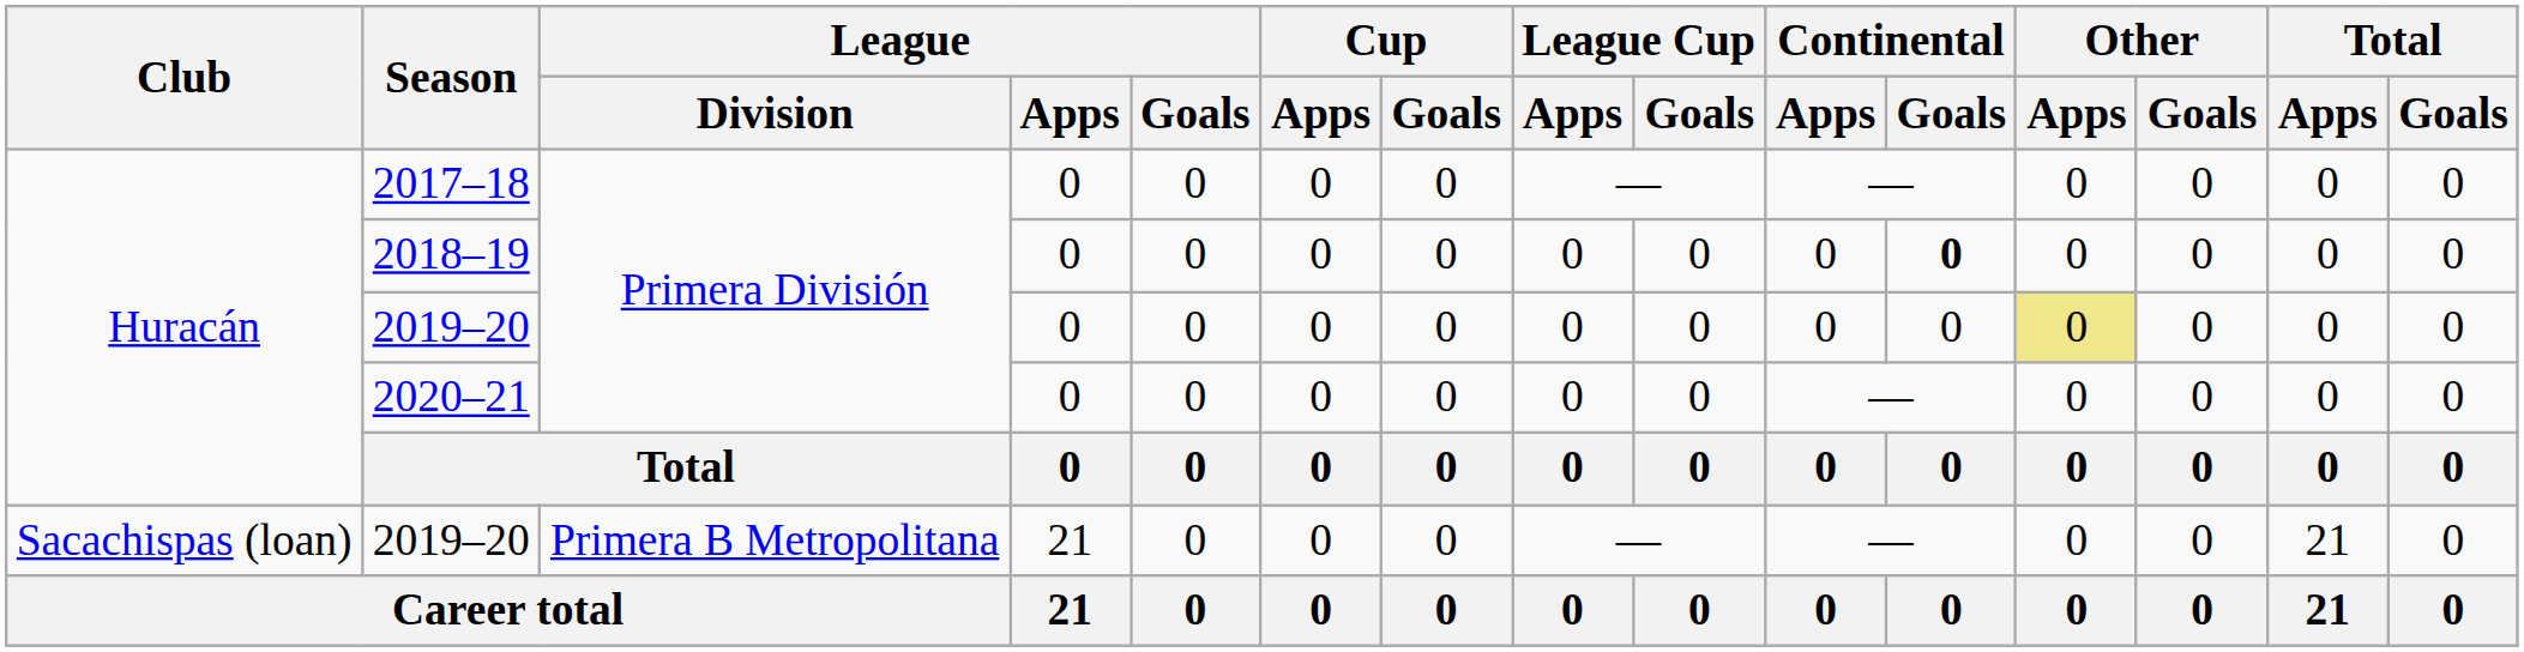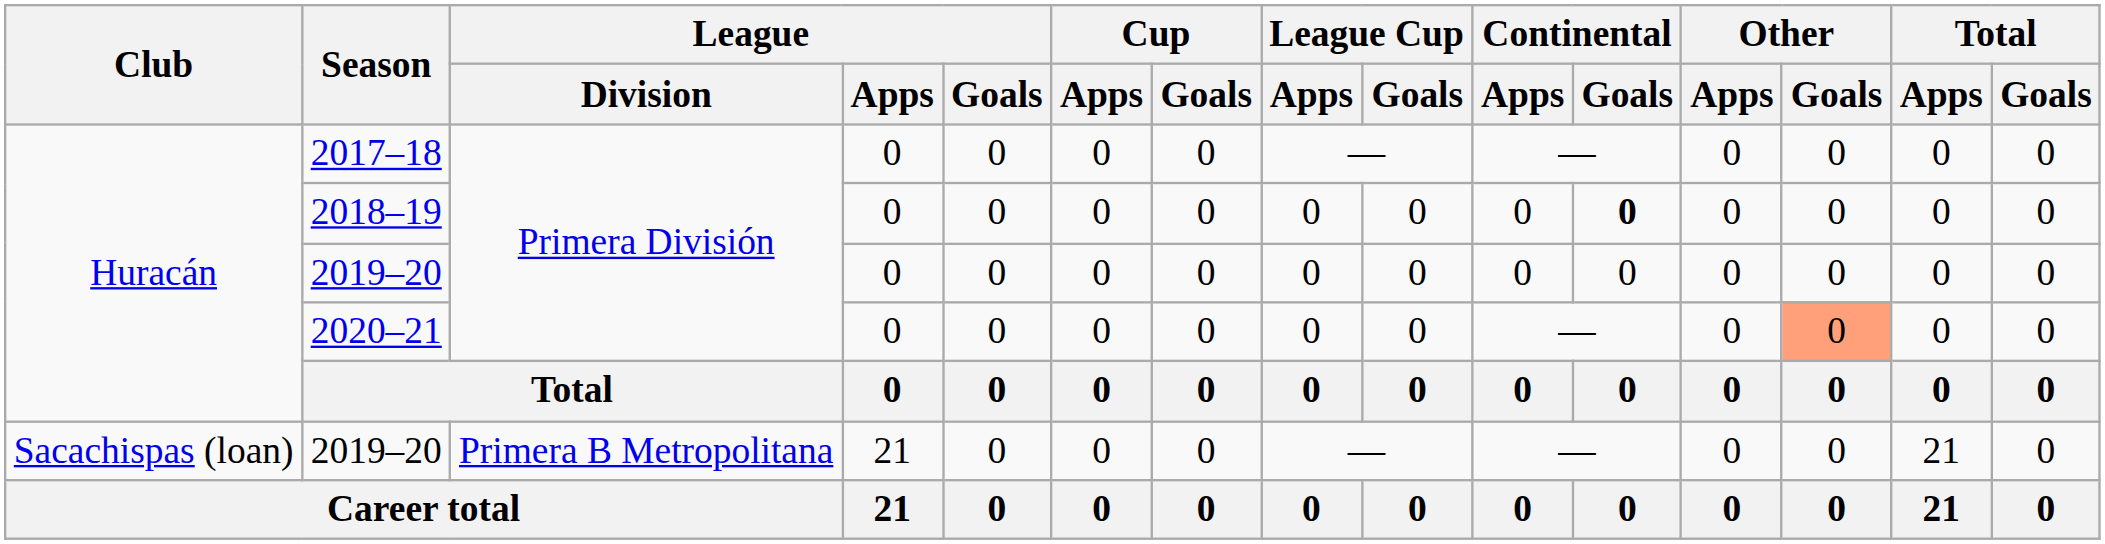 <table class="wikitable" style="text-align:center">
 <tr>
 <th rowspan="2">Club</th>
 <th rowspan="2">Season</th>
 <th colspan="3">League</th>
 <th colspan="2">Cup</th>
 <th colspan="2">League Cup</th>
 <th colspan="2">Continental</th>
 <th colspan="2">Other</th>
 <th colspan="2">Total</th>
 </tr>
 <tr>
 <th>Division</th>
 <th>Apps</th>
 <th>Goals</th>
 <th>Apps</th>
 <th>Goals</th>
 <th>Apps</th>
 <th>Goals</th>
 <th>Apps</th>
 <th>Goals</th>
 <th>Apps</th>
 <th>Goals</th>
 <th>Apps</th>
 <th>Goals</th>
 </tr>
 <tr>
 <td rowspan="5"><a href='#'>Huracán</a></td>
 <td><a href='#'>2017–18</a></td>
 <td rowspan="4"><a href='#'>Primera División</a></td>
 <td>0</td>
 <td>0</td>
 <td>0</td>
 <td>0</td>
 <td colspan="2">—</td>
 <td colspan="2">—</td>
 <td>0</td>
 <td>0</td>
 <td>0</td>
 <td>0</td>
 </tr>
 <tr>
 <td><a href='#'>2018–19</a></td>
 <td>0</td>
 <td>0</td>
 <td>0</td>
 <td>0</td>
 <td>0</td>
 <td>0</td>
 <td>0</td>
 <td><strong>0</strong></td>
 <td>0</td>
 <td>0</td>
 <td>0</td>
 <td>0</td>
 </tr>
 <tr>
 <td><a href='#'>2019–20</a></td>
 <td>0</td>
 <td>0</td>
 <td>0</td>
 <td>0</td>
 <td>0</td>
 <td>0</td>
 <td>0</td>
 <td>0</td>
-<td style="background: khaki;">0</td>
+<td>0</td>
 <td>0</td>
 <td>0</td>
 <td>0</td>
 </tr>
 <tr>
 <td><a href='#'>2020–21</a></td>
 <td>0</td>
 <td>0</td>
 <td>0</td>
 <td>0</td>
 <td>0</td>
 <td>0</td>
 <td colspan="2">—</td>
 <td>0</td>
-<td>0</td>
+<td style="background: lightsalmon;">0</td>
 <td>0</td>
 <td>0</td>
 </tr>
 <tr>
 <th colspan="2">Total</th>
 <th>0</th>
 <th>0</th>
 <th>0</th>
 <th>0</th>
 <th>0</th>
 <th>0</th>
 <th>0</th>
 <th>0</th>
 <th>0</th>
 <th>0</th>
 <th>0</th>
 <th>0</th>
 </tr>
 <tr>
 <td rowspan="1"><a href='#'>Sacachispas</a> (loan)</td>
 <td>2019–20</td>
 <td rowspan="1"><a href='#'>Primera B Metropolitana</a></td>
 <td>21</td>
 <td>0</td>
 <td>0</td>
 <td>0</td>
 <td colspan="2">—</td>
 <td colspan="2">—</td>
 <td>0</td>
 <td>0</td>
 <td>21</td>
 <td>0</td>
 </tr>
 <tr>
 <th colspan="3">Career total</th>
 <th>21</th>
 <th>0</th>
 <th>0</th>
 <th>0</th>
 <th>0</th>
 <th>0</th>
 <th>0</th>
 <th>0</th>
 <th>0</th>
 <th>0</th>
 <th>21</th>
 <th>0</th>
 </tr>
 </table>
